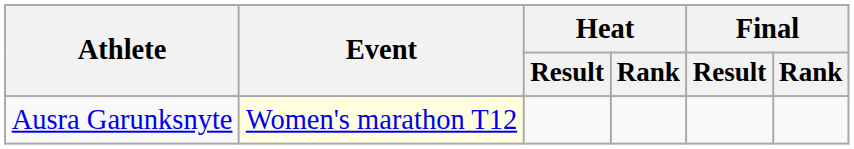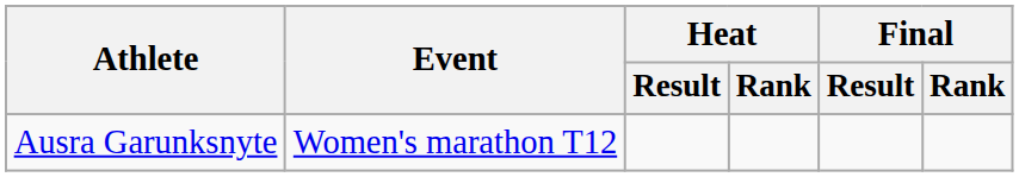 <table class="wikitable" style="font-size:90%">
 <tr>
 <th rowspan="2">Athlete</th>
 <th rowspan="2">Event</th>
 <th colspan="2">Heat</th>
 <th colspan="2">Final</th>
 </tr>
 <tr style="font-size:95%">
 <th>Result</th>
 <th>Rank</th>
 <th>Result</th>
 <th>Rank</th>
 </tr>
 <tr align=center>
 <td align=left><a href='#'>Ausra Garunksnyte</a></td>
-<td align=left style="background: lightyellow;"><a href='#'>Women's marathon T12</a></td>
+<td align=left><a href='#'>Women's marathon T12</a></td>
 <td></td>
 <td></td>
 <td></td>
 <td></td>
 </tr>
 </table>
